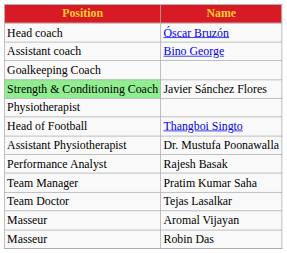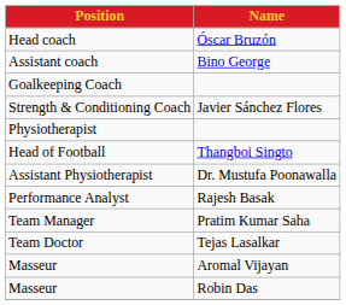 <table class="wikitable">
 <tr>
 <th style="background:#d71a23; color:#ffcd31; text-align:center;">Position</th>
 <th style="background:#d71a23; color:#ffcd31; text-align:center;">Name</th>
 </tr>
 <tr>
 <td>Head coach</td>
 <td align=left> <a href='#'>Óscar Bruzón</a></td>
 </tr>
 <tr>
 <td>Assistant coach</td>
 <td align=left> <a href='#'>Bino George</a></td>
 </tr>
 <tr>
 <td>Goalkeeping Coach</td>
 <td align=left></td>
 </tr>
 <tr>
-<td style="background: lightgreen;">Strength & Conditioning Coach</td>
+<td>Strength & Conditioning Coach</td>
 <td align=left> Javier Sánchez Flores</td>
 </tr>
 <tr>
 <td>Physiotherapist</td>
 <td align=left></td>
 </tr>
 <tr>
 <td>Head of Football</td>
 <td align=left> <a href='#'>Thangboi Singto</a></td>
 </tr>
 <tr>
 <td>Assistant Physiotherapist</td>
 <td align=left> Dr. Mustufa Poonawalla</td>
 </tr>
 <tr>
 <td>Performance Analyst</td>
 <td align=left> Rajesh Basak</td>
 </tr>
 <tr>
 <td>Team Manager</td>
 <td align=left> Pratim Kumar Saha</td>
 </tr>
 <tr>
 <td>Team Doctor</td>
 <td align=left> Tejas Lasalkar</td>
 </tr>
 <tr>
 <td>Masseur</td>
 <td align=left> Aromal Vijayan</td>
 </tr>
 <tr>
 <td>Masseur</td>
 <td align=left> Robin Das</td>
 </tr>
 <tr>
 </tr>
 </table>
